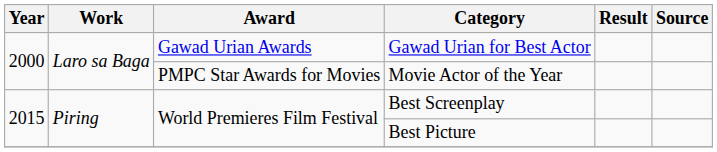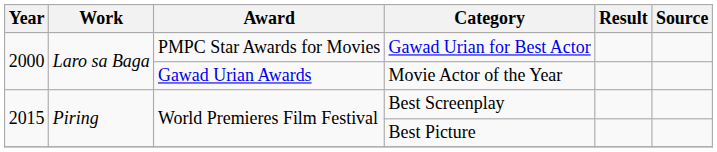 <table class="wikitable">
 <tr>
 <th>Year</th>
 <th>Work</th>
 <th>Award</th>
 <th>Category</th>
 <th>Result</th>
 <th>Source </th>
 </tr>
 <tr>
 <td rowspan=2>2000</td>
 <td rowspan=2><em>Laro sa Baga</em></td>
-<td><a href='#'>Gawad Urian Awards</a></td>
+<td>PMPC Star Awards for Movies</td>
 <td><a href='#'>Gawad Urian for Best Actor</a></td>
 <td></td>
 <td></td>
 </tr>
 <tr>
-<td>PMPC Star Awards for Movies</td>
+<td><a href='#'>Gawad Urian Awards</a></td>
 <td>Movie Actor of the Year</td>
 <td></td>
 <td></td>
 </tr>
 <tr>
 <td rowspan=2>2015</td>
 <td rowspan=2><em>Piring</em></td>
 <td rowspan=2>World Premieres Film Festival</td>
 <td>Best Screenplay</td>
 <td></td>
 <td></td>
 </tr>
 <tr>
 <td>Best Picture</td>
 <td></td>
 <td></td>
 </tr>
 <tr>
 </tr>
 </table>
